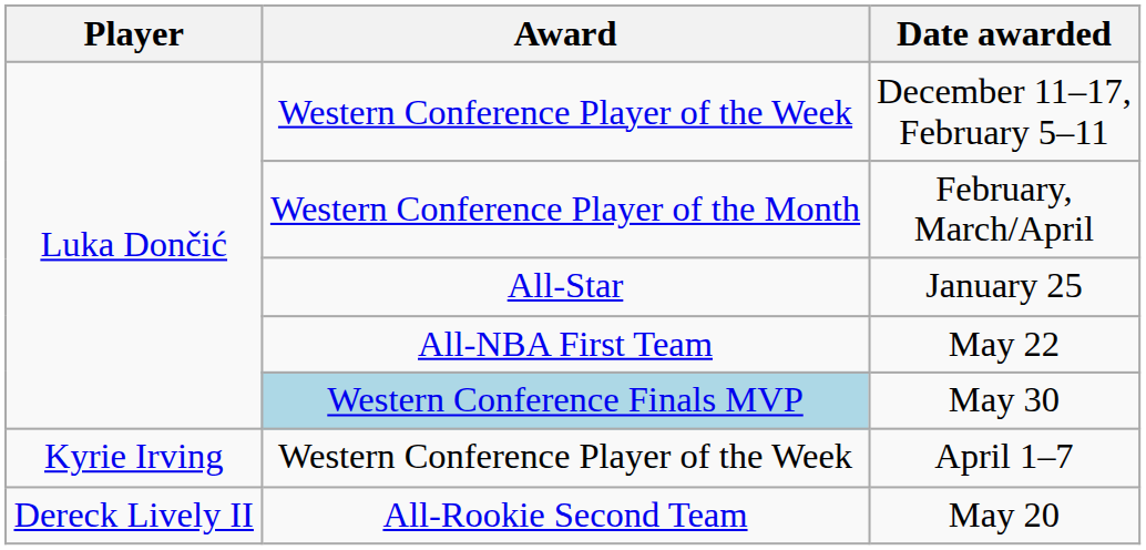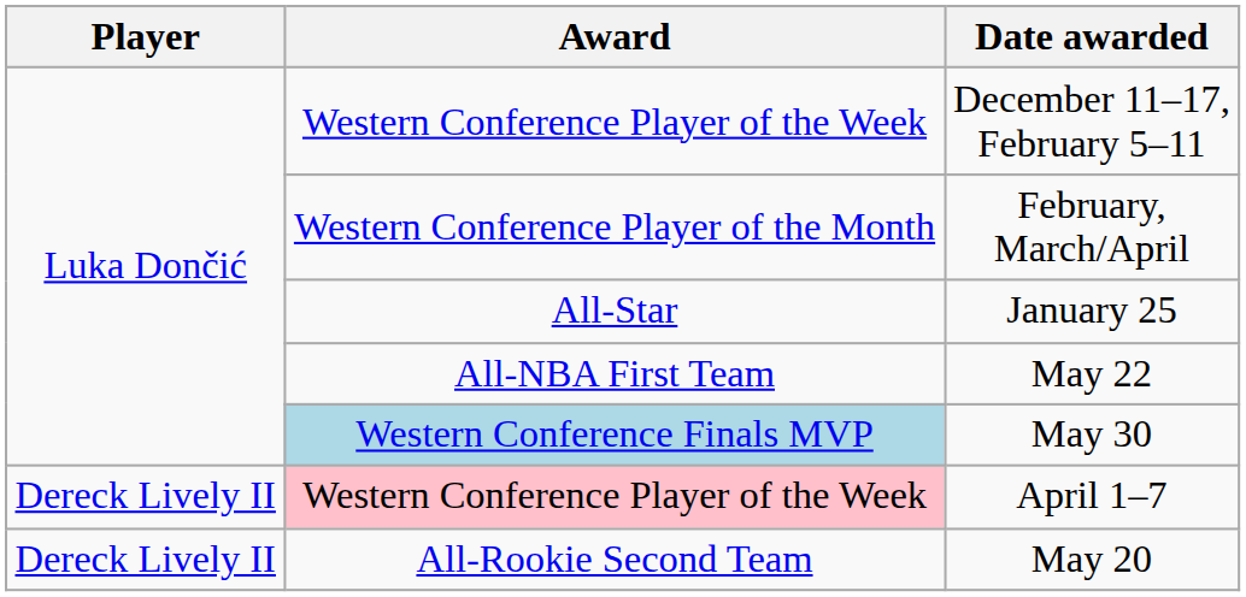 <table class="wikitable sortable">
 <tr>
 <th>Player</th>
 <th>Award</th>
 <th>Date awarded</th>
 </tr>
 <tr style="text-align: center">
 <td rowspan=5><a href='#'>Luka Dončić</a></td>
 <td><a href='#'>Western Conference Player of the Week</a></td>
 <td>December 11–17,<br>February 5–11</td>
 </tr>
 <tr style="text-align: center">
 <td><a href='#'>Western Conference Player of the Month</a></td>
 <td>February,<br>March/April</td>
 </tr>
 <tr style="text-align: center">
 <td><a href='#'>All-Star</a></td>
 <td>January 25</td>
 </tr>
 <tr style="text-align: center">
 <td><a href='#'>All-NBA First Team</a></td>
 <td>May 22</td>
 </tr>
 <tr style="text-align: center">
 <td style="background: lightblue;"><a href='#'>Western Conference Finals MVP</a></td>
 <td>May 30</td>
 </tr>
 <tr style="text-align: center">
-<td><a href='#'>Kyrie Irving</a></td>
-<td>Western Conference Player of the Week</td>
+<td><a href='#'>Dereck Lively II</a></td>
+<td style="background: pink;">Western Conference Player of the Week</td>
 <td>April 1–7</td>
 </tr>
 <tr style="text-align: center">
 <td><a href='#'>Dereck Lively II</a></td>
 <td><a href='#'>All-Rookie Second Team</a></td>
 <td>May 20</td>
 </tr>
 </table>
